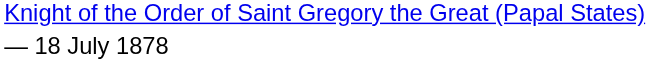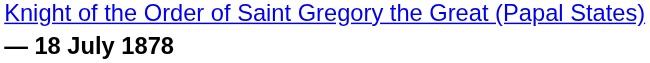 <table>
 <tr>
 <td rowspan=2 style="width:60px; vertical-align:top;"></td>
 <td><a href='#'>Knight of the Order of Saint Gregory the Great (Papal States)</a></td>
 </tr>
 <tr>
-<td>— 18 July 1878</td>
+<td><strong>— 18 July 1878</strong></td>
 </tr>
 </table>
